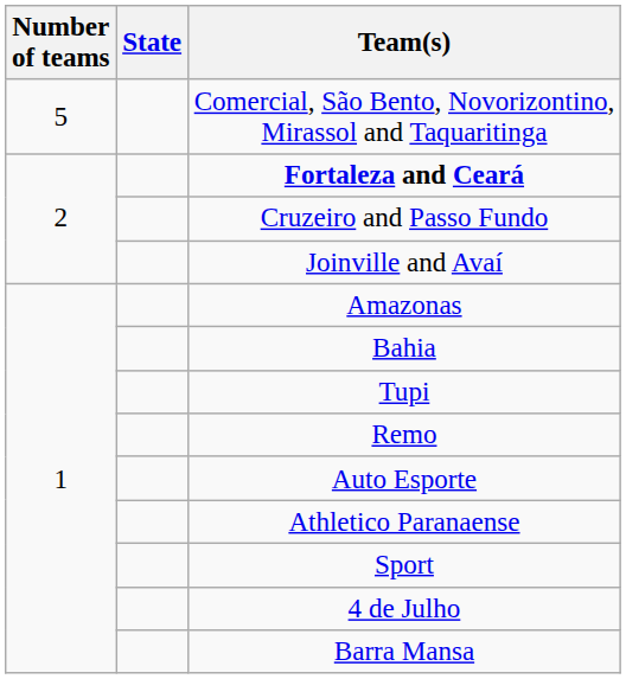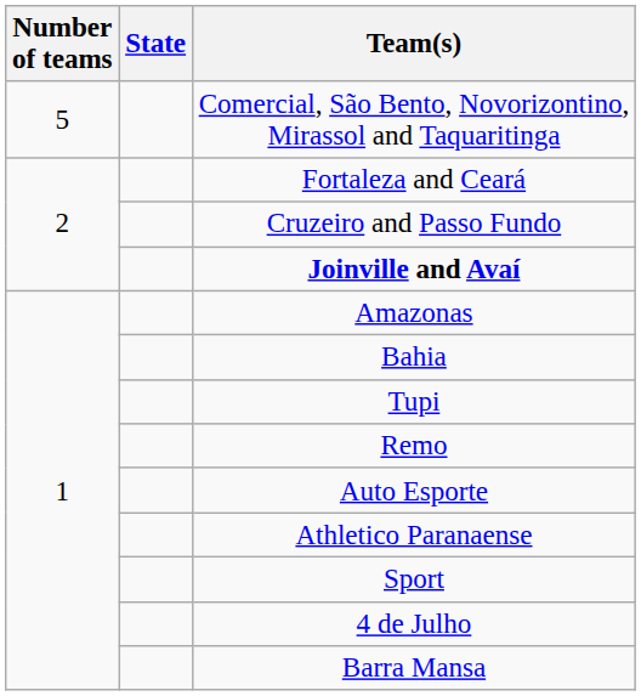 <table class="wikitable" style="text-align:center">
 <tr>
 <th>Number<br>of teams</th>
 <th><a href='#'>State</a></th>
 <th>Team(s)</th>
 </tr>
 <tr>
 <td>5</td>
 <td align="left"></td>
 <td><a href='#'>Comercial</a>, <a href='#'>São Bento</a>, <a href='#'>Novorizontino</a>,<br><a href='#'>Mirassol</a> and <a href='#'>Taquaritinga</a></td>
 </tr>
 <tr>
 <td rowspan=3>2</td>
 <td align="left"></td>
-<td><strong><a href='#'>Fortaleza</a> and <a href='#'>Ceará</a></strong></td>
+<td><a href='#'>Fortaleza</a> and <a href='#'>Ceará</a></td>
 </tr>
 <tr>
 <td align="left"></td>
 <td><a href='#'>Cruzeiro</a> and <a href='#'>Passo Fundo</a></td>
 </tr>
 <tr>
 <td align="left"></td>
-<td><a href='#'>Joinville</a> and <a href='#'>Avaí</a></td>
+<td><strong><a href='#'>Joinville</a> and <a href='#'>Avaí</a></strong></td>
 </tr>
 <tr>
 <td rowspan=9>1</td>
 <td align="left"></td>
 <td><a href='#'>Amazonas</a></td>
 </tr>
 <tr>
 <td align="left"></td>
 <td><a href='#'>Bahia</a></td>
 </tr>
 <tr>
 <td align="left"></td>
 <td><a href='#'>Tupi</a></td>
 </tr>
 <tr>
 <td align="left"></td>
 <td><a href='#'>Remo</a></td>
 </tr>
 <tr>
 <td align="left"></td>
 <td><a href='#'>Auto Esporte</a></td>
 </tr>
 <tr>
 <td align="left"></td>
 <td><a href='#'>Athletico Paranaense</a></td>
 </tr>
 <tr>
 <td align="left"></td>
 <td><a href='#'>Sport</a></td>
 </tr>
 <tr>
 <td align="left"></td>
 <td><a href='#'>4 de Julho</a></td>
 </tr>
 <tr>
 <td align="left"></td>
 <td><a href='#'>Barra Mansa</a></td>
 </tr>
 </table>
